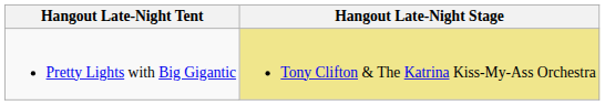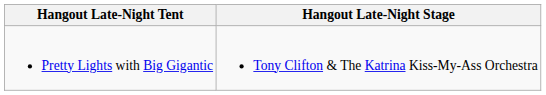 <table class="wikitable">
 <tr>
 <th>Hangout Late-Night Tent</th>
 <th>Hangout Late-Night Stage</th>
 </tr>
 <tr valign="top">
 <td><br><ul><li><a href='#'>Pretty Lights</a> with <a href='#'>Big Gigantic</a></li></ul></td>
-<td style="background: khaki;"><br><ul><li><a href='#'>Tony Clifton</a> & The <a href='#'>Katrina</a> Kiss-My-Ass Orchestra</li></ul></td>
+<td><br><ul><li><a href='#'>Tony Clifton</a> & The <a href='#'>Katrina</a> Kiss-My-Ass Orchestra</li></ul></td>
 </tr>
 </table>
